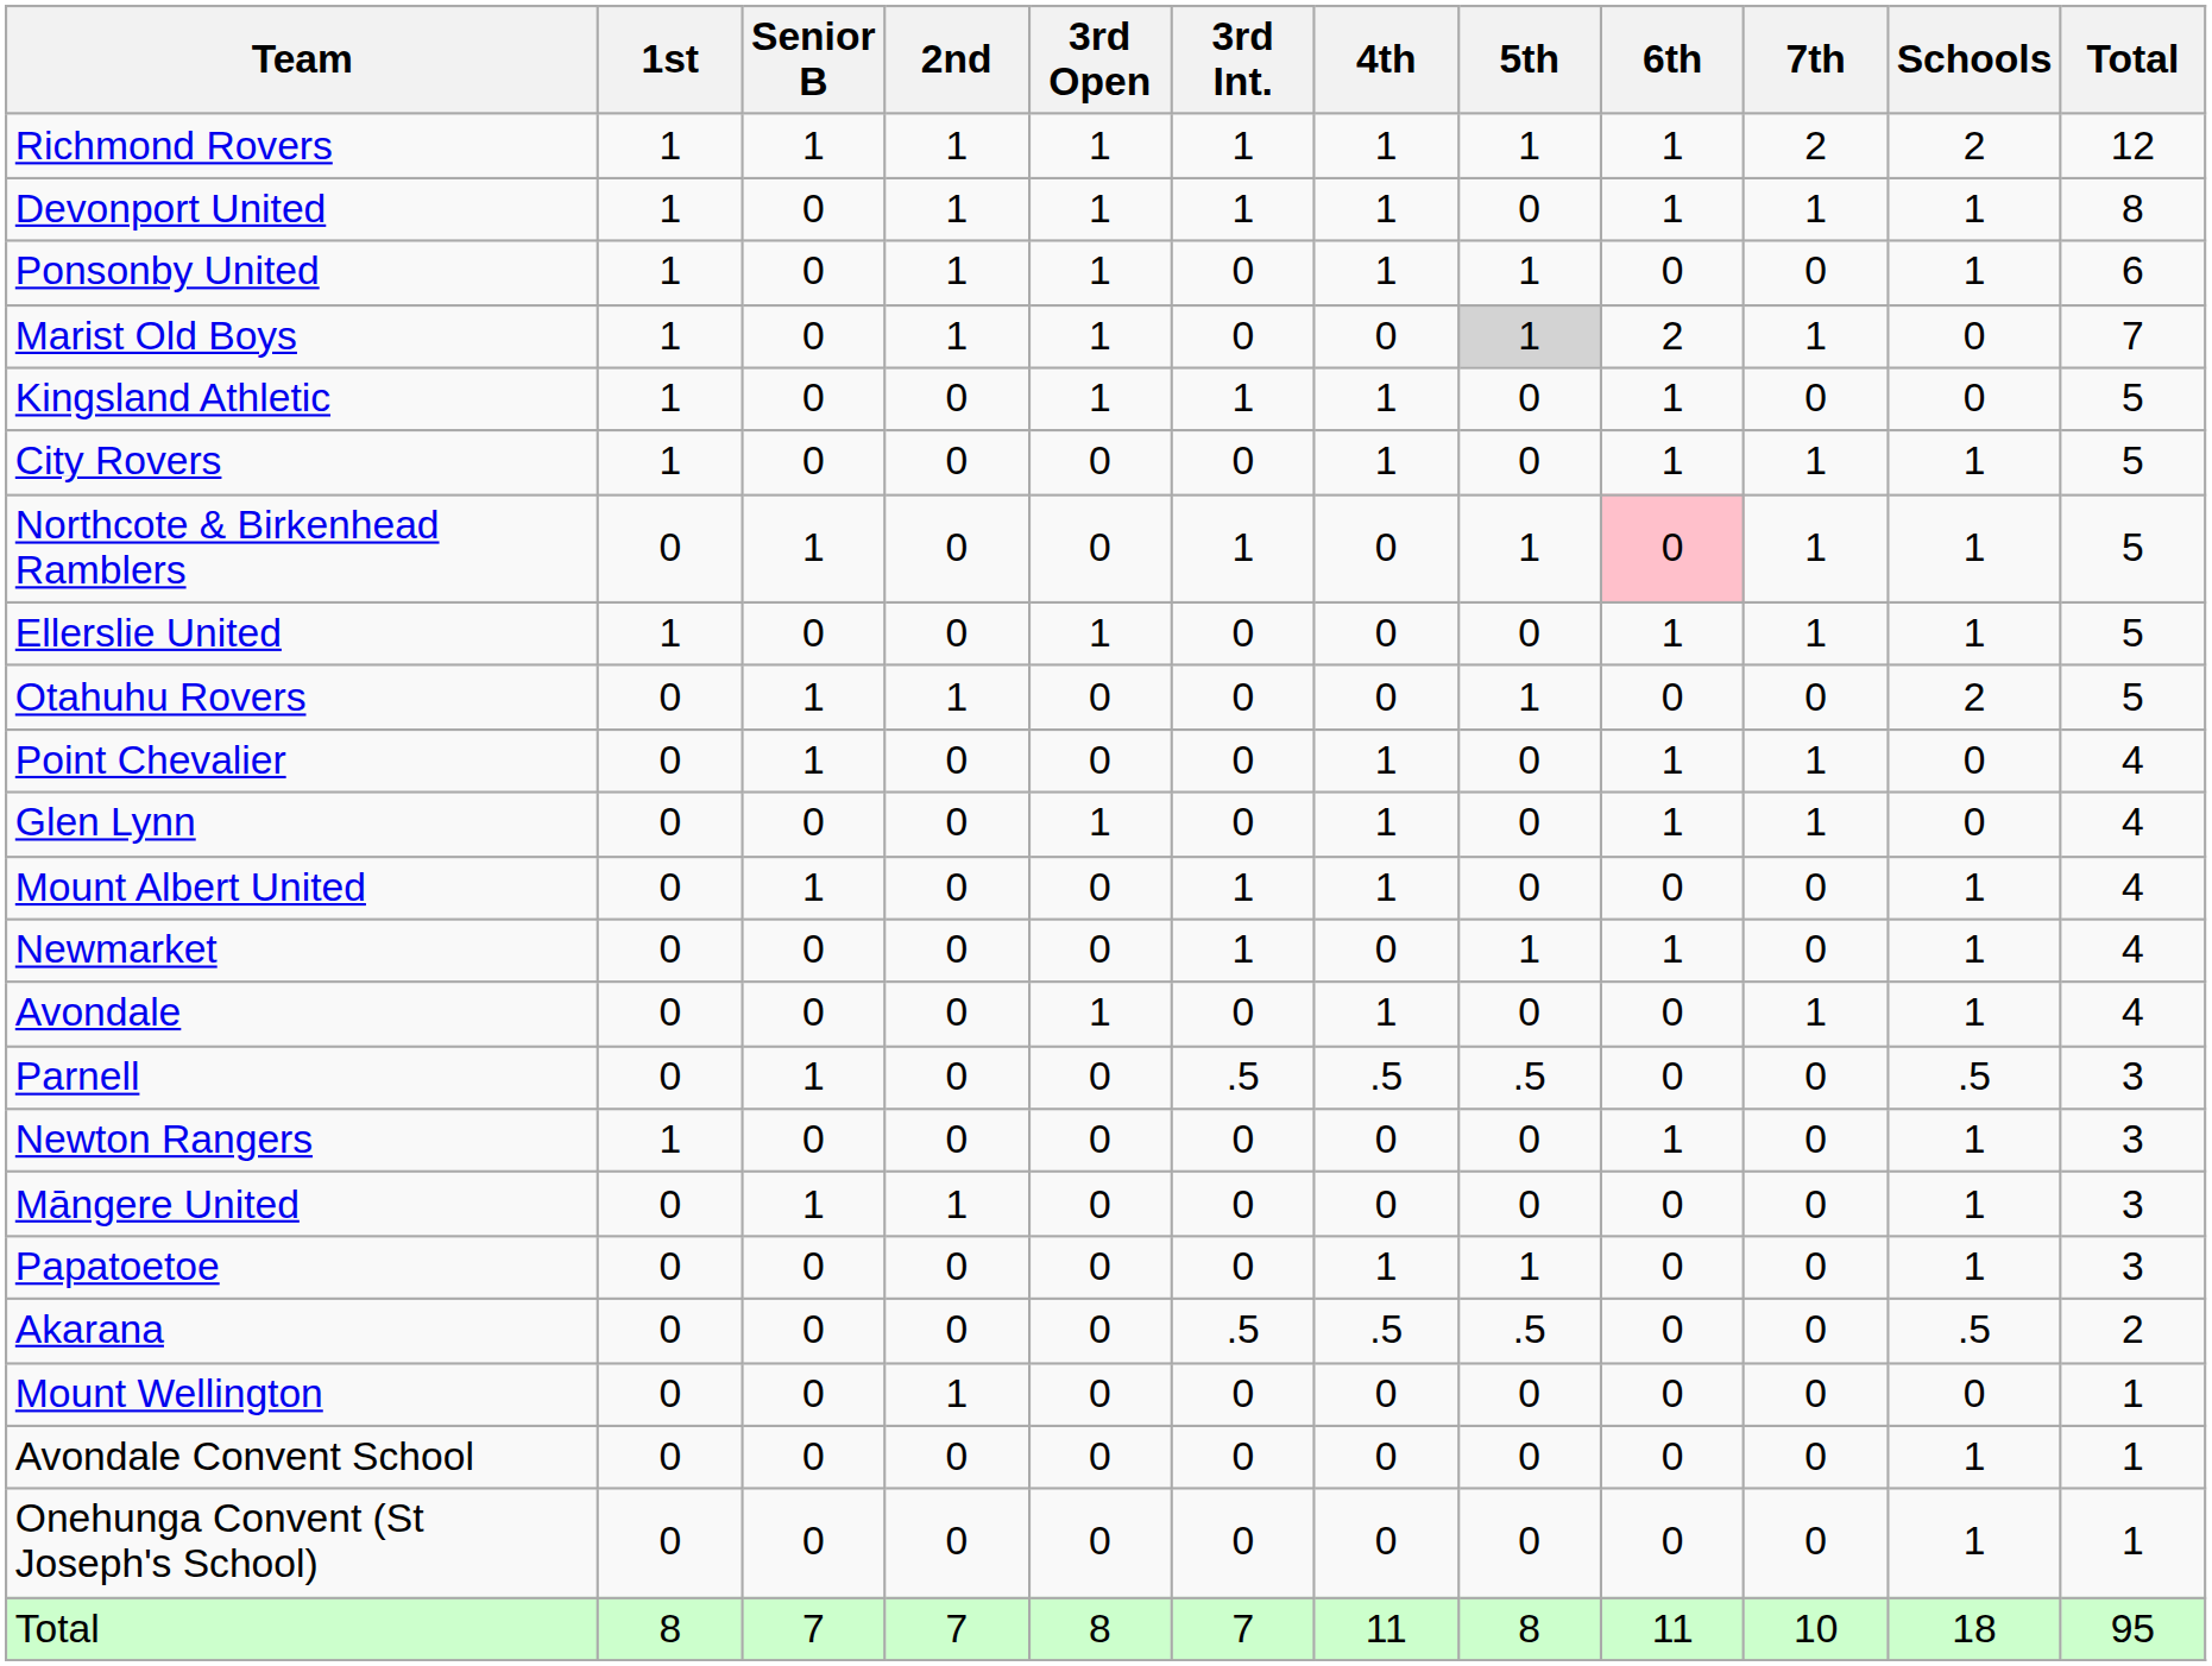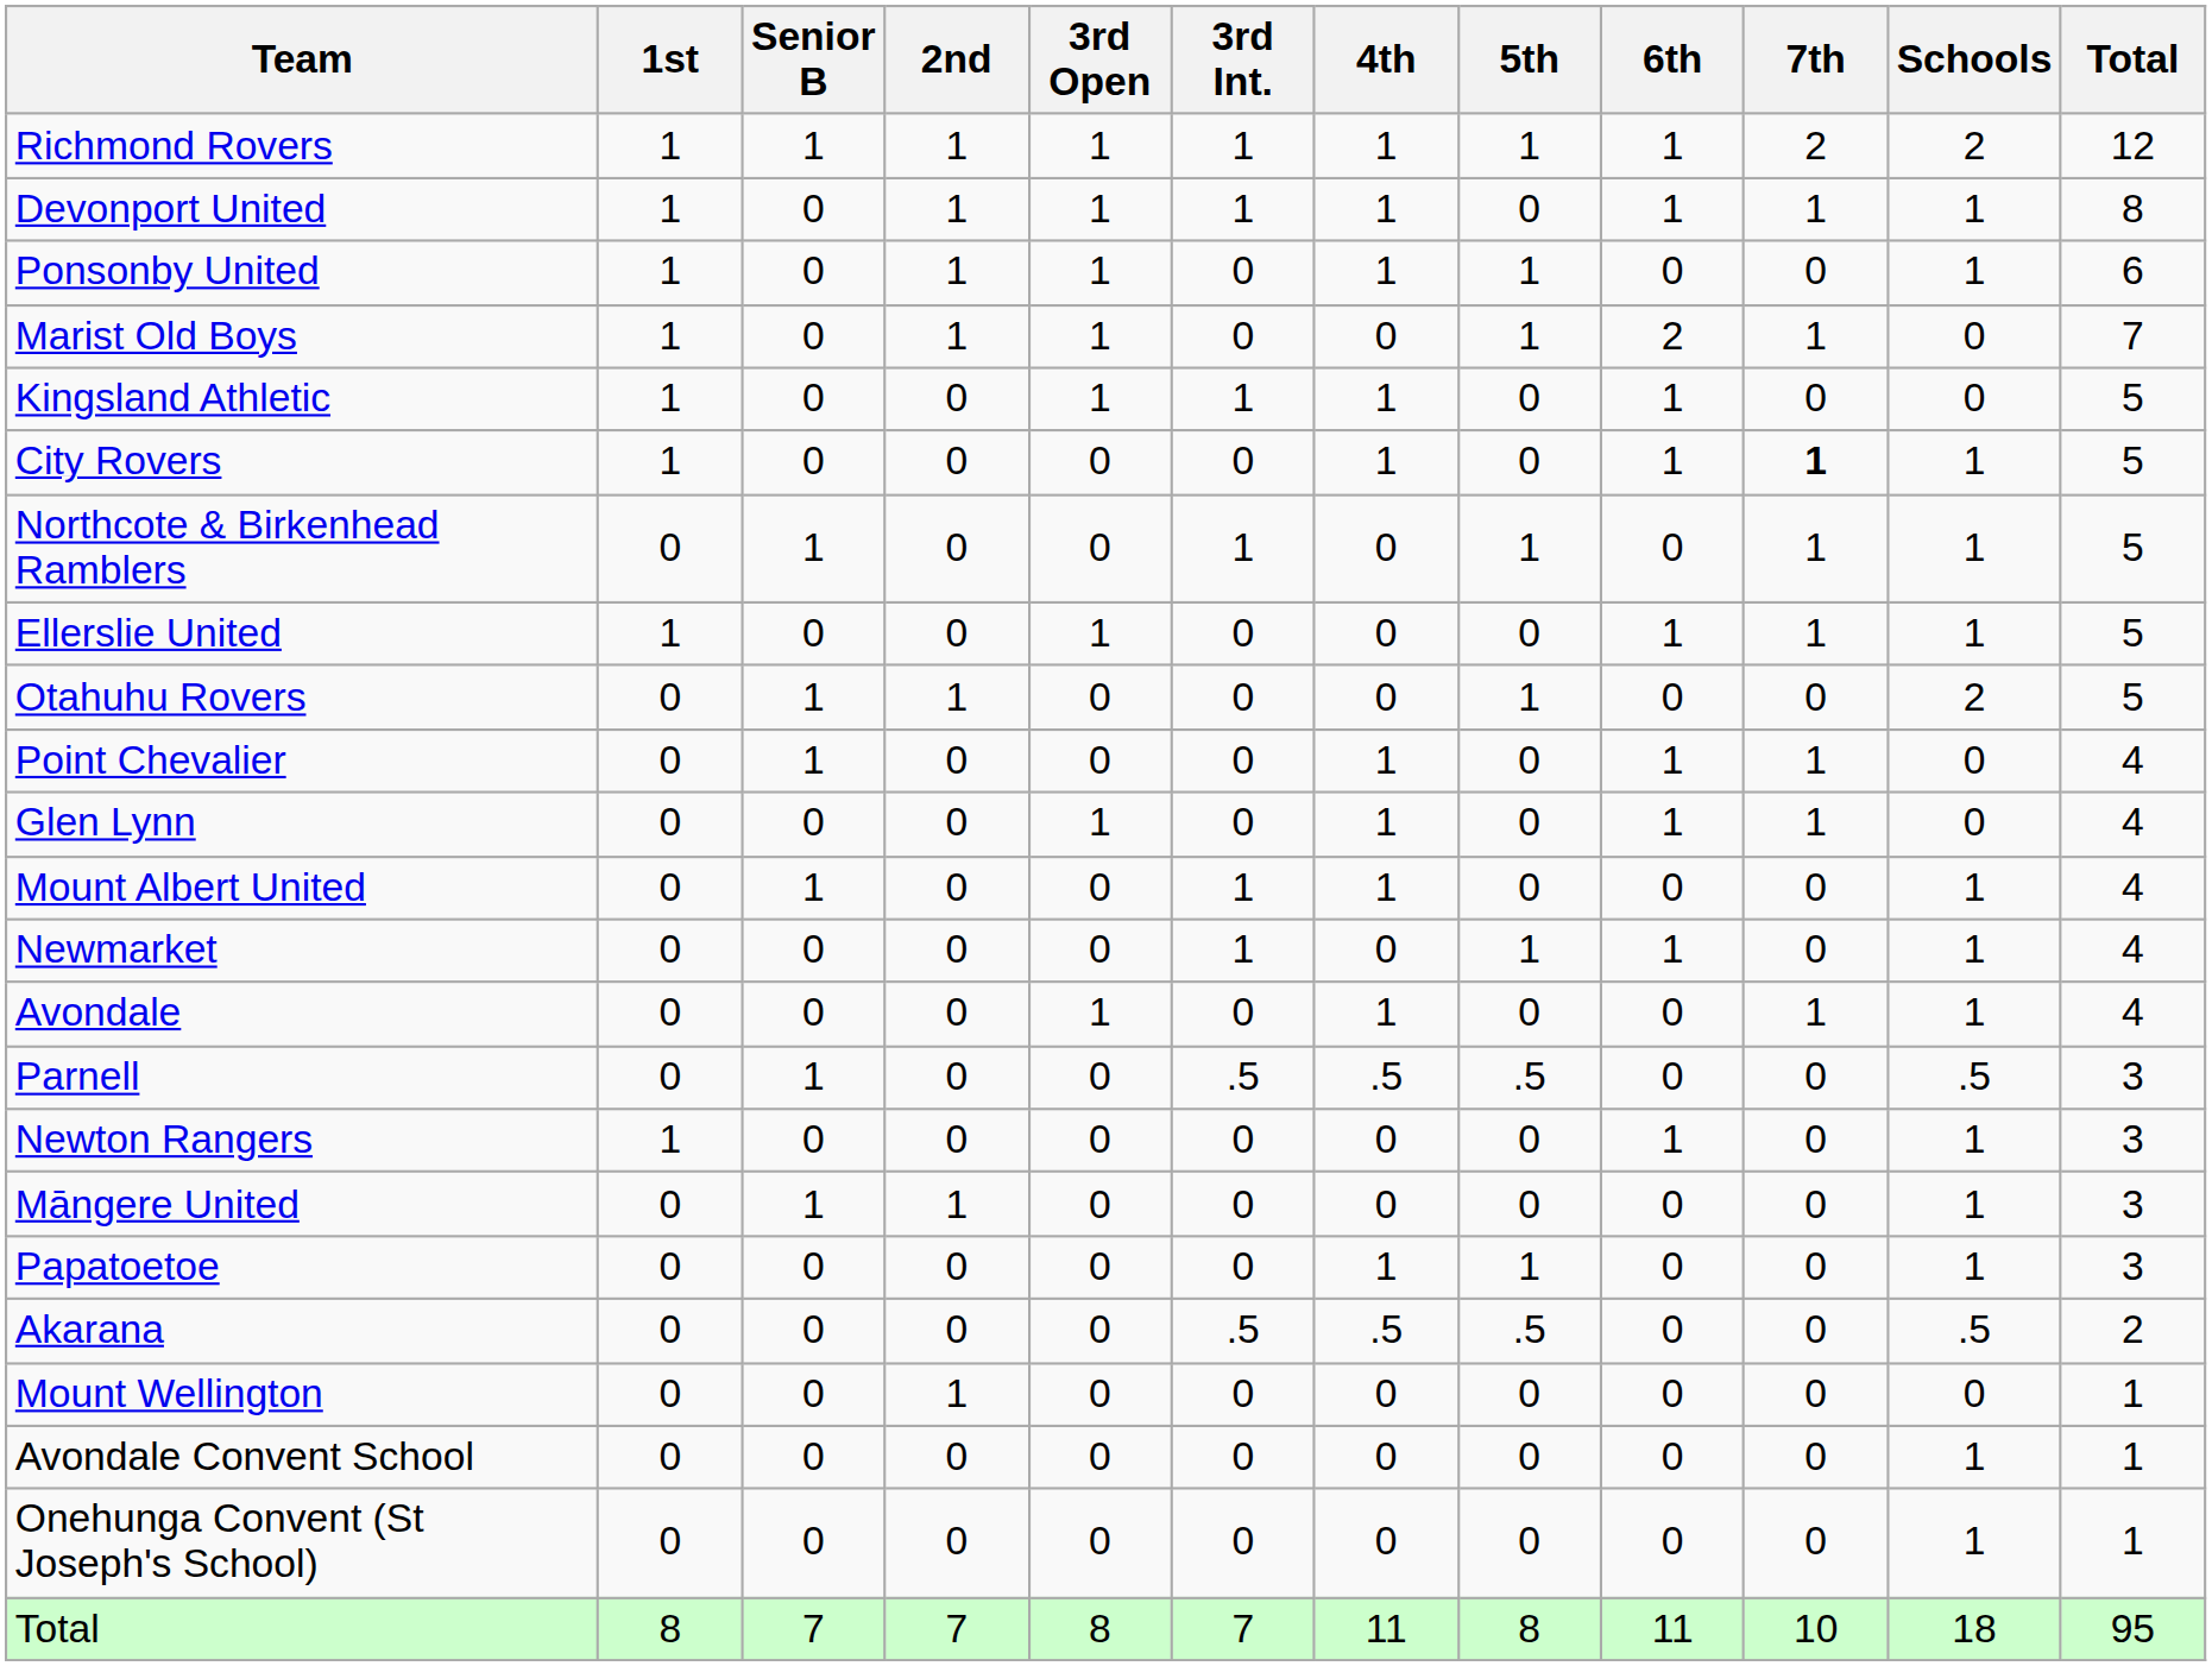 <table class="wikitable" style="text-align:center;">
 <tr>
 <th width=230>Team</th>
 <th width=50 abbr="1st Grade">1st</th>
 <th width=50 abbr="Senior B">Senior B</th>
 <th width=50 abbr="2nd Grade">2nd</th>
 <th width=50 abbr="3rd Grade">3rd Open</th>
 <th width=50 abbr="3rd Grade">3rd Int.</th>
 <th width=50 abbr="4th Grade">4th</th>
 <th width=50 abbr="5th Grade">5th</th>
 <th width=50 abbr="6th Grade">6th</th>
 <th width=50 abbr="7th Grade">7th</th>
 <th width=50 abbr="Schoolboys">Schools</th>
 <th width=50 abbr="Total">Total</th>
 </tr>
 <tr>
 <td style="text-align:left;"><a href='#'>Richmond Rovers</a></td>
 <td>1</td>
 <td>1</td>
 <td>1</td>
 <td>1</td>
 <td>1</td>
 <td>1</td>
 <td>1</td>
 <td>1</td>
 <td>2</td>
 <td>2</td>
 <td>12</td>
 </tr>
 <tr>
 <td style="text-align:left;"><a href='#'>Devonport United</a></td>
 <td>1</td>
 <td>0</td>
 <td>1</td>
 <td>1</td>
 <td>1</td>
 <td>1</td>
 <td>0</td>
 <td>1</td>
 <td>1</td>
 <td>1</td>
 <td>8</td>
 </tr>
 <tr>
 <td style="text-align:left;"><a href='#'>Ponsonby United</a></td>
 <td>1</td>
 <td>0</td>
 <td>1</td>
 <td>1</td>
 <td>0</td>
 <td>1</td>
 <td>1</td>
 <td>0</td>
 <td>0</td>
 <td>1</td>
 <td>6</td>
 </tr>
 <tr>
 <td style="text-align:left;"><a href='#'>Marist Old Boys</a></td>
 <td>1</td>
 <td>0</td>
 <td>1</td>
 <td>1</td>
 <td>0</td>
 <td>0</td>
-<td style="background: lightgrey;">1</td>
+<td>1</td>
 <td>2</td>
 <td>1</td>
 <td>0</td>
 <td>7</td>
 </tr>
 <tr>
 <td style="text-align:left;"><a href='#'>Kingsland Athletic</a></td>
 <td>1</td>
 <td>0</td>
 <td>0</td>
 <td>1</td>
 <td>1</td>
 <td>1</td>
 <td>0</td>
 <td>1</td>
 <td>0</td>
 <td>0</td>
 <td>5</td>
 </tr>
 <tr>
 <td style="text-align:left;"><a href='#'>City Rovers</a></td>
 <td>1</td>
 <td>0</td>
 <td>0</td>
 <td>0</td>
 <td>0</td>
 <td>1</td>
 <td>0</td>
 <td>1</td>
-<td>1</td>
+<td><strong>1</strong></td>
 <td>1</td>
 <td>5</td>
 </tr>
 <tr>
 <td style="text-align:left;"><a href='#'>Northcote & Birkenhead Ramblers</a></td>
 <td>0</td>
 <td>1</td>
 <td>0</td>
 <td>0</td>
 <td>1</td>
 <td>0</td>
 <td>1</td>
-<td style="background: pink;">0</td>
+<td>0</td>
 <td>1</td>
 <td>1</td>
 <td>5</td>
 </tr>
 <tr>
 <td style="text-align:left;"><a href='#'>Ellerslie United</a></td>
 <td>1</td>
 <td>0</td>
 <td>0</td>
 <td>1</td>
 <td>0</td>
 <td>0</td>
 <td>0</td>
 <td>1</td>
 <td>1</td>
 <td>1</td>
 <td>5</td>
 </tr>
 <tr>
 <td style="text-align:left;"><a href='#'>Otahuhu Rovers</a></td>
 <td>0</td>
 <td>1</td>
 <td>1</td>
 <td>0</td>
 <td>0</td>
 <td>0</td>
 <td>1</td>
 <td>0</td>
 <td>0</td>
 <td>2</td>
 <td>5</td>
 </tr>
 <tr>
 <td style="text-align:left;"><a href='#'>Point Chevalier</a></td>
 <td>0</td>
 <td>1</td>
 <td>0</td>
 <td>0</td>
 <td>0</td>
 <td>1</td>
 <td>0</td>
 <td>1</td>
 <td>1</td>
 <td>0</td>
 <td>4</td>
 </tr>
 <tr>
 <td style="text-align:left;"><a href='#'>Glen Lynn</a></td>
 <td>0</td>
 <td>0</td>
 <td>0</td>
 <td>1</td>
 <td>0</td>
 <td>1</td>
 <td>0</td>
 <td>1</td>
 <td>1</td>
 <td>0</td>
 <td>4</td>
 </tr>
 <tr>
 <td style="text-align:left;"><a href='#'>Mount Albert United</a></td>
 <td>0</td>
 <td>1</td>
 <td>0</td>
 <td>0</td>
 <td>1</td>
 <td>1</td>
 <td>0</td>
 <td>0</td>
 <td>0</td>
 <td>1</td>
 <td>4</td>
 </tr>
 <tr>
 <td style="text-align:left;"><a href='#'>Newmarket</a></td>
 <td>0</td>
 <td>0</td>
 <td>0</td>
 <td>0</td>
 <td>1</td>
 <td>0</td>
 <td>1</td>
 <td>1</td>
 <td>0</td>
 <td>1</td>
 <td>4</td>
 </tr>
 <tr>
 <td style="text-align:left;"><a href='#'>Avondale</a></td>
 <td>0</td>
 <td>0</td>
 <td>0</td>
 <td>1</td>
 <td>0</td>
 <td>1</td>
 <td>0</td>
 <td>0</td>
 <td>1</td>
 <td>1</td>
 <td>4</td>
 </tr>
 <tr>
 <td style="text-align:left;"><a href='#'>Parnell</a></td>
 <td>0</td>
 <td>1</td>
 <td>0</td>
 <td>0</td>
 <td>.5</td>
 <td>.5</td>
 <td>.5</td>
 <td>0</td>
 <td>0</td>
 <td>.5</td>
 <td>3</td>
 </tr>
 <tr>
 <td style="text-align:left;"><a href='#'>Newton Rangers</a></td>
 <td>1</td>
 <td>0</td>
 <td>0</td>
 <td>0</td>
 <td>0</td>
 <td>0</td>
 <td>0</td>
 <td>1</td>
 <td>0</td>
 <td>1</td>
 <td>3</td>
 </tr>
 <tr>
 <td style="text-align:left;"><a href='#'>Māngere United</a></td>
 <td>0</td>
 <td>1</td>
 <td>1</td>
 <td>0</td>
 <td>0</td>
 <td>0</td>
 <td>0</td>
 <td>0</td>
 <td>0</td>
 <td>1</td>
 <td>3</td>
 </tr>
 <tr>
 <td style="text-align:left;"><a href='#'>Papatoetoe</a></td>
 <td>0</td>
 <td>0</td>
 <td>0</td>
 <td>0</td>
 <td>0</td>
 <td>1</td>
 <td>1</td>
 <td>0</td>
 <td>0</td>
 <td>1</td>
 <td>3</td>
 </tr>
 <tr>
 <td style="text-align:left;"><a href='#'>Akarana</a></td>
 <td>0</td>
 <td>0</td>
 <td>0</td>
 <td>0</td>
 <td>.5</td>
 <td>.5</td>
 <td>.5</td>
 <td>0</td>
 <td>0</td>
 <td>.5</td>
 <td>2</td>
 </tr>
 <tr>
 <td style="text-align:left;"><a href='#'>Mount Wellington</a></td>
 <td>0</td>
 <td>0</td>
 <td>1</td>
 <td>0</td>
 <td>0</td>
 <td>0</td>
 <td>0</td>
 <td>0</td>
 <td>0</td>
 <td>0</td>
 <td>1</td>
 </tr>
 <tr>
 <td style="text-align:left;">Avondale Convent School</td>
 <td>0</td>
 <td>0</td>
 <td>0</td>
 <td>0</td>
 <td>0</td>
 <td>0</td>
 <td>0</td>
 <td>0</td>
 <td>0</td>
 <td>1</td>
 <td>1</td>
 </tr>
 <tr>
 <td style="text-align:left;">Onehunga Convent (St Joseph's School)</td>
 <td>0</td>
 <td>0</td>
 <td>0</td>
 <td>0</td>
 <td>0</td>
 <td>0</td>
 <td>0</td>
 <td>0</td>
 <td>0</td>
 <td>1</td>
 <td>1</td>
 </tr>
 <tr style="background: #ccffcc;">
 <td style="text-align:left;">Total</td>
 <td>8</td>
 <td>7</td>
 <td>7</td>
 <td>8</td>
 <td>7</td>
 <td>11</td>
 <td>8</td>
 <td>11</td>
 <td>10</td>
 <td>18</td>
 <td>95</td>
 </tr>
 <tr>
 </tr>
 </table>
